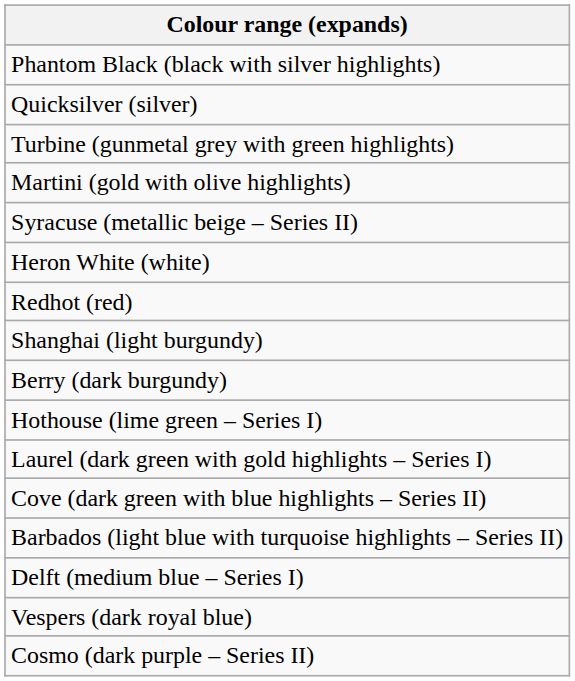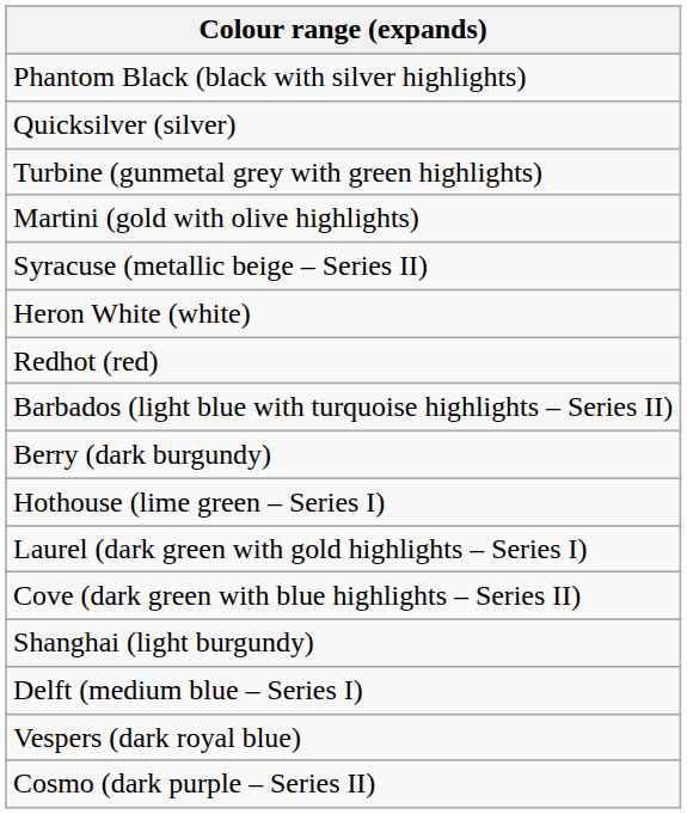 <table class="wikitable collapsible collapsed" align=right style="font-size:90%;">
 <tr>
 <th><strong>Colour range (expands)</strong></th>
 </tr>
 <tr>
 <td>Phantom Black (black with silver highlights)</td>
 </tr>
 <tr>
 <td>Quicksilver (silver)</td>
 </tr>
 <tr>
 <td>Turbine (gunmetal grey with green highlights)</td>
 </tr>
 <tr>
 <td>Martini (gold with olive highlights)</td>
 </tr>
 <tr>
 <td>Syracuse (metallic beige – Series II)</td>
 </tr>
 <tr>
 <td>Heron White (white)</td>
 </tr>
 <tr>
 <td>Redhot (red)</td>
 </tr>
 <tr>
-<td>Shanghai (light burgundy)</td>
+<td>Barbados (light blue with turquoise highlights – Series II)</td>
 </tr>
 <tr>
 <td>Berry (dark burgundy)</td>
 </tr>
 <tr>
 <td>Hothouse (lime green – Series I)</td>
 </tr>
 <tr>
 <td>Laurel (dark green with gold highlights – Series I)</td>
 </tr>
 <tr>
 <td>Cove (dark green with blue highlights – Series II)</td>
 </tr>
 <tr>
-<td>Barbados (light blue with turquoise highlights – Series II)</td>
+<td>Shanghai (light burgundy)</td>
 </tr>
 <tr>
 <td>Delft (medium blue – Series I)</td>
 </tr>
 <tr>
 <td>Vespers (dark royal blue)</td>
 </tr>
 <tr>
 <td>Cosmo (dark purple – Series II)</td>
 </tr>
 </table>
